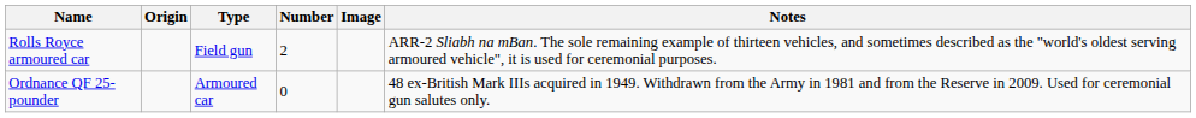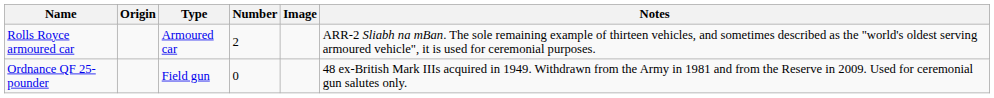 <table class="wikitable">
 <tr>
 <th style="align: center;">Name</th>
 <th>Origin</th>
 <th>Type</th>
 <th>Number</th>
 <th>Image</th>
 <th>Notes</th>
 </tr>
 <tr>
 <td><a href='#'>Rolls Royce armoured car</a></td>
 <td></td>
-<td><a href='#'>Field gun</a></td>
+<td><a href='#'>Armoured car</a></td>
 <td>2</td>
 <td></td>
 <td>ARR-2 <em>Sliabh na mBan</em>. The sole remaining example of thirteen vehicles, and sometimes described as the "world's oldest serving armoured vehicle", it is used for ceremonial purposes.</td>
 </tr>
 <tr>
 <td><a href='#'>Ordnance QF 25-pounder</a></td>
 <td></td>
-<td><a href='#'>Armoured car</a></td>
+<td><a href='#'>Field gun</a></td>
 <td>0</td>
 <td></td>
 <td>48 ex-British Mark IIIs acquired in 1949. Withdrawn from the Army in 1981 and from the Reserve in 2009. Used for ceremonial gun salutes only.</td>
 </tr>
 </table>
